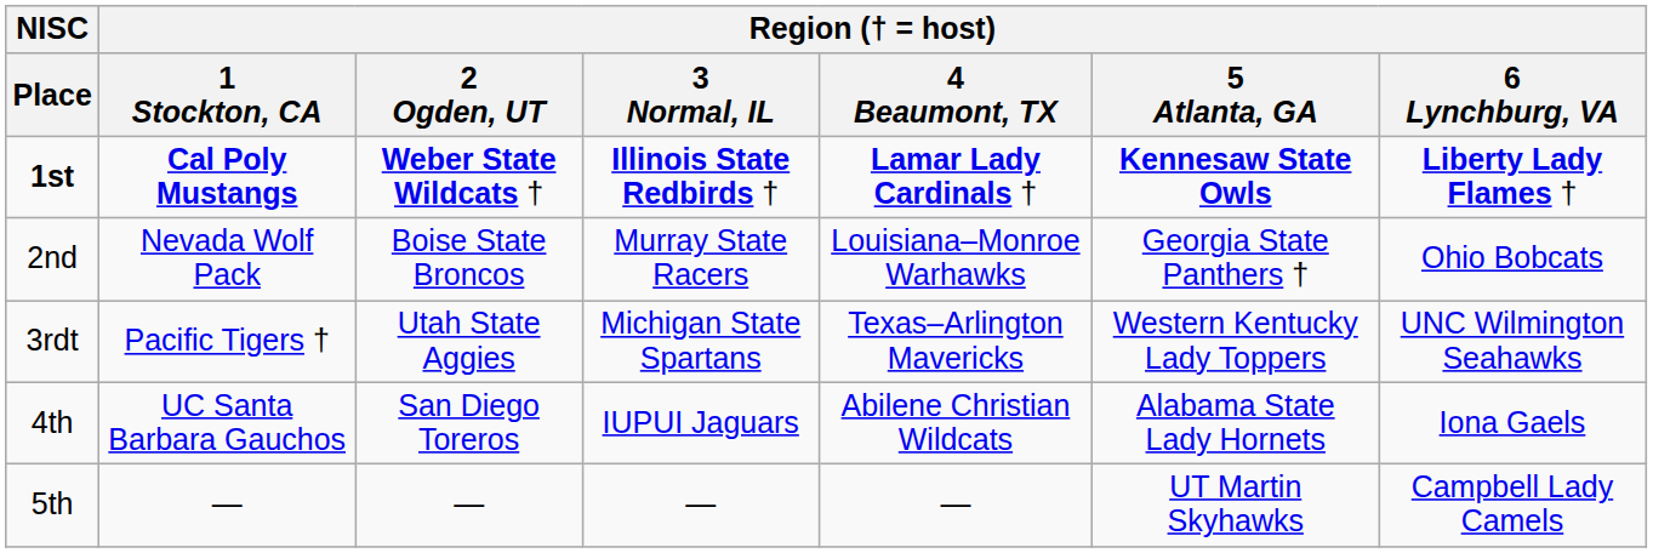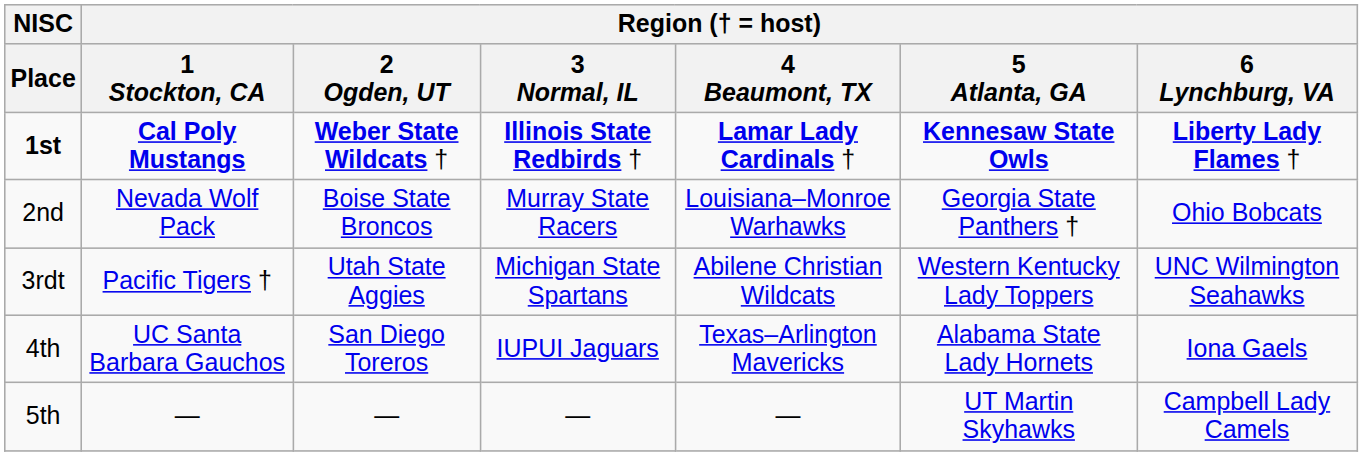 <table class="wikitable" style="text-align:center; text-width:95%;">
 <tr>
 <th><strong>NISC</strong></th>
 <th colspan="6"><strong>Region</strong> († = host)</th>
 </tr>
 <tr>
 <th><strong>Place</strong></th>
 <th><strong>1</strong> <br><em>Stockton, CA</em></th>
 <th><strong>2</strong> <br><em>Ogden, UT</em></th>
 <th><strong>3</strong> <br><em>Normal, IL</em></th>
 <th><strong>4</strong> <br><em>Beaumont, TX</em></th>
 <th><strong>5</strong> <br><em>Atlanta, GA</em></th>
 <th><strong>6</strong> <br><em>Lynchburg, VA</em></th>
 </tr>
 <tr>
 <td><strong>1st</strong></td>
 <td><strong><a href='#'>Cal Poly Mustangs</a></strong></td>
 <td><strong><a href='#'>Weber State Wildcats</a></strong> †</td>
 <td><strong><a href='#'>Illinois State Redbirds</a></strong> †</td>
 <td><strong><a href='#'>Lamar Lady Cardinals</a></strong> †</td>
 <td><strong><a href='#'>Kennesaw State Owls</a></strong></td>
 <td><strong><a href='#'>Liberty Lady Flames</a></strong> †</td>
 </tr>
 <tr>
 <td>2nd</td>
 <td><a href='#'>Nevada Wolf Pack</a></td>
 <td><a href='#'>Boise State Broncos</a></td>
 <td><a href='#'>Murray State Racers</a></td>
 <td><a href='#'>Louisiana–Monroe Warhawks</a></td>
 <td><a href='#'>Georgia State Panthers</a> †</td>
 <td><a href='#'>Ohio Bobcats</a></td>
 </tr>
 <tr>
 <td>3rdt</td>
 <td><a href='#'>Pacific Tigers</a> †</td>
 <td><a href='#'>Utah State Aggies</a></td>
 <td><a href='#'>Michigan State Spartans</a></td>
-<td><a href='#'>Texas–Arlington Mavericks</a></td>
+<td><a href='#'>Abilene Christian Wildcats</a></td>
 <td><a href='#'>Western Kentucky Lady Toppers</a></td>
 <td><a href='#'>UNC Wilmington Seahawks</a></td>
 </tr>
 <tr>
 <td>4th</td>
 <td><a href='#'>UC Santa Barbara Gauchos</a></td>
 <td><a href='#'>San Diego Toreros</a></td>
 <td><a href='#'>IUPUI Jaguars</a></td>
-<td><a href='#'>Abilene Christian Wildcats</a></td>
+<td><a href='#'>Texas–Arlington Mavericks</a></td>
 <td><a href='#'>Alabama State Lady Hornets</a></td>
 <td><a href='#'>Iona Gaels</a></td>
 </tr>
 <tr>
 <td>5th</td>
 <td>—</td>
 <td>—</td>
 <td>—</td>
 <td>—</td>
 <td><a href='#'>UT Martin Skyhawks</a></td>
 <td><a href='#'>Campbell Lady Camels</a></td>
 </tr>
 </table>
